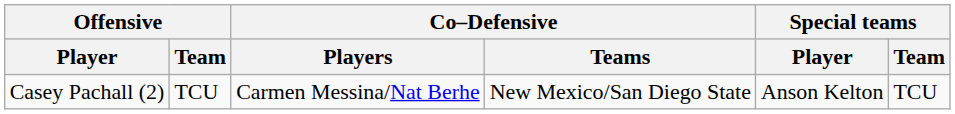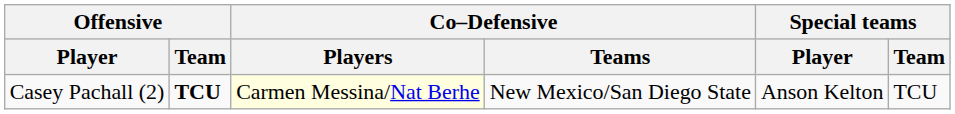 <table class="wikitable">
 <tr>
 <th colspan="2">Offensive</th>
 <th colspan="2">Co–Defensive</th>
 <th colspan="2">Special teams</th>
 </tr>
 <tr>
 <th>Player</th>
 <th>Team</th>
 <th>Players</th>
 <th>Teams</th>
 <th>Player</th>
 <th>Team</th>
 </tr>
 <tr>
 <td>Casey Pachall (2)</td>
-<td>TCU</td>
-<td>Carmen Messina/<a href='#'>Nat Berhe</a></td>
+<td><strong>TCU</strong></td>
+<td style="background: lightyellow;">Carmen Messina/<a href='#'>Nat Berhe</a></td>
 <td>New Mexico/San Diego State</td>
 <td>Anson Kelton</td>
 <td>TCU</td>
 </tr>
 </table>
